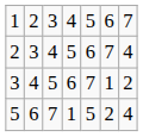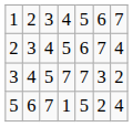 <table class="wikitable" style="margin:1em auto;">
 <tr>
 <td>1</td>
 <td>2</td>
 <td>3</td>
 <td>4</td>
 <td>5</td>
 <td>6</td>
 <td>7</td>
 </tr>
 <tr>
 <td>2</td>
 <td>3</td>
 <td>4</td>
 <td>5</td>
 <td>6</td>
 <td>7</td>
 <td>4</td>
 </tr>
 <tr>
 <td>3</td>
 <td>4</td>
 <td>5</td>
-<td>6</td>
 <td>7</td>
-<td>1</td>
+<td>7</td>
+<td>3</td>
 <td>2</td>
 </tr>
 <tr>
 <td>5</td>
 <td>6</td>
 <td>7</td>
 <td>1</td>
 <td>5</td>
 <td>2</td>
 <td>4</td>
 </tr>
 </table>
